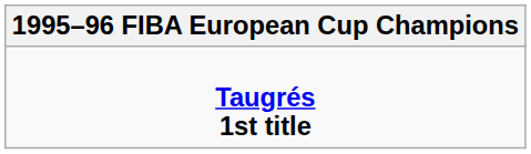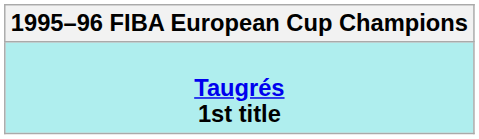 <table class=wikitable style="text-align:center; margin:auto">
 <tr>
 <th>1995–96 FIBA European Cup Champions</th>
 </tr>
 <tr>
-<td><br> <strong><a href='#'>Taugrés</a></strong> <br> <strong>1st title</strong></td>
+<td style="background: paleturquoise;"><br> <strong><a href='#'>Taugrés</a></strong> <br> <strong>1st title</strong></td>
 </tr>
 </table>
